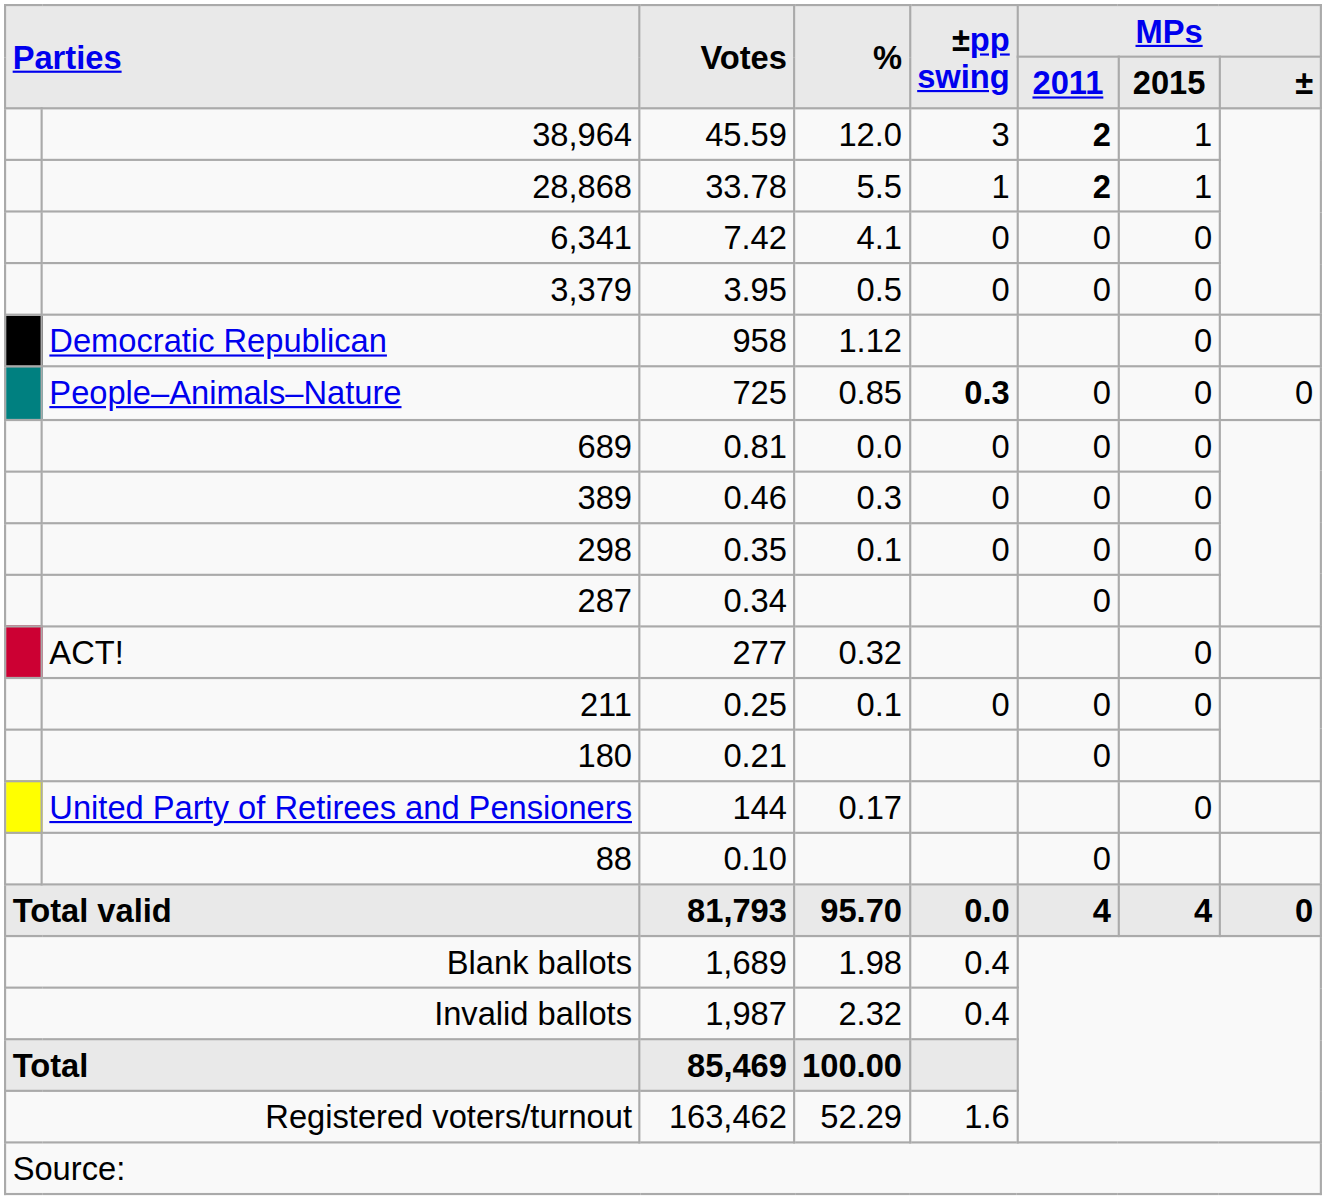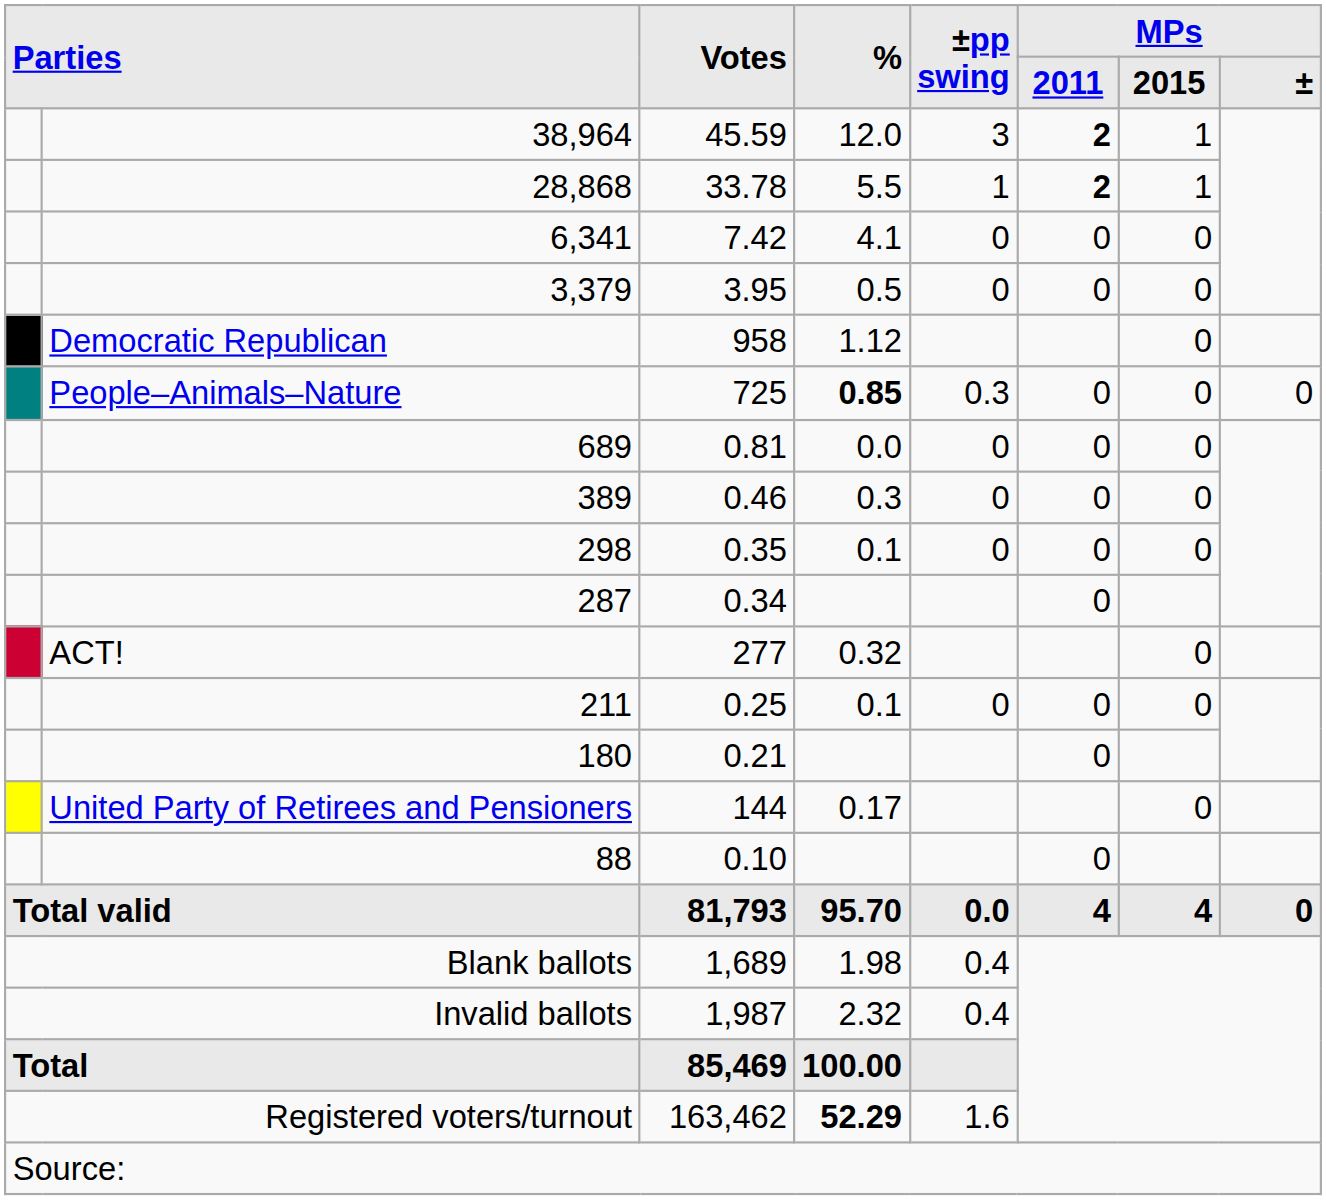 <table class="wikitable" style="text-align:right; font-size:95%;">
 <tr>
 <th rowspan="2" colspan="2" style="background:#e9e9e9; text-align:left;" alignleft><a href='#'>Parties</a></th>
 <th rowspan="2" style="background:#e9e9e9; text-align:right;">Votes</th>
 <th rowspan="2" style="background:#e9e9e9; text-align:right;">%</th>
 <th rowspan="2" style="background:#e9e9e9; text-align:right;">±<a href='#'>pp</a> <a href='#'>swing</a></th>
 <th colspan="3" style="background:#e9e9e9; text-align:center;"><a href='#'>MPs</a></th>
 </tr>
 <tr style="background-color:#E9E9E9">
 <th style="background-color:#E9E9E9;text-align:center;"><a href='#'>2011</a></th>
 <th style="background-color:#E9E9E9;text-align:center;">2015</th>
 <th style="background:#e9e9e9; text-align:right;">±</th>
 </tr>
 <tr>
 <td> </td>
 <td>38,964</td>
 <td>45.59</td>
 <td>12.0</td>
 <td>3</td>
 <td><strong>2</strong></td>
 <td>1</td>
 </tr>
 <tr>
 <td></td>
 <td>28,868</td>
 <td>33.78</td>
 <td>5.5</td>
 <td>1</td>
 <td><strong>2</strong></td>
 <td>1</td>
 </tr>
 <tr>
 <td></td>
 <td>6,341</td>
 <td>7.42</td>
 <td>4.1</td>
 <td>0</td>
 <td>0</td>
 <td>0</td>
 </tr>
 <tr>
 <td></td>
 <td>3,379</td>
 <td>3.95</td>
 <td>0.5</td>
 <td>0</td>
 <td>0</td>
 <td>0</td>
 </tr>
 <tr>
 <td style="width: 10px" bgcolor=black align="center"></td>
 <td align=left><a href='#'>Democratic Republican</a></td>
 <td>958</td>
 <td>1.12</td>
 <td></td>
 <td></td>
 <td>0</td>
 <td></td>
 </tr>
 <tr>
 <td style="width: 10px" bgcolor="teal" align="center"></td>
 <td align="left"><a href='#'>People–Animals–Nature</a></td>
 <td>725</td>
-<td>0.85</td>
-<td><strong>0.3</strong></td>
+<td><strong>0.85</strong></td>
+<td>0.3</td>
 <td>0</td>
 <td>0</td>
 <td>0</td>
 </tr>
 <tr>
 <td></td>
 <td>689</td>
 <td>0.81</td>
 <td>0.0</td>
 <td>0</td>
 <td>0</td>
 <td>0</td>
 </tr>
 <tr>
 <td></td>
 <td>389</td>
 <td>0.46</td>
 <td>0.3</td>
 <td>0</td>
 <td>0</td>
 <td>0</td>
 </tr>
 <tr>
 <td></td>
 <td>298</td>
 <td>0.35</td>
 <td>0.1</td>
 <td>0</td>
 <td>0</td>
 <td>0</td>
 </tr>
 <tr>
 <td></td>
 <td>287</td>
 <td>0.34</td>
 <td></td>
 <td></td>
 <td>0</td>
 <td></td>
 </tr>
 <tr>
 <td style="width:10px; background:#CC0033; text-align:center;"></td>
 <td style="text-align:left;">ACT! </td>
 <td>277</td>
 <td>0.32</td>
 <td></td>
 <td></td>
 <td>0</td>
 <td></td>
 </tr>
 <tr>
 <td></td>
 <td>211</td>
 <td>0.25</td>
 <td>0.1</td>
 <td>0</td>
 <td>0</td>
 <td>0</td>
 </tr>
 <tr>
 <td></td>
 <td>180</td>
 <td>0.21</td>
 <td></td>
 <td></td>
 <td>0</td>
 <td></td>
 </tr>
 <tr>
 <td style="width: 10px" bgcolor=yellow align="center"></td>
 <td align=left><a href='#'>United Party of Retirees and Pensioners</a></td>
 <td>144</td>
 <td>0.17</td>
 <td></td>
 <td></td>
 <td>0</td>
 <td></td>
 </tr>
 <tr>
 <td></td>
 <td>88</td>
 <td>0.10</td>
 <td></td>
 <td></td>
 <td>0</td>
 <td></td>
 </tr>
 <tr>
 <td colspan=2 align=left style="background-color:#E9E9E9"><strong>Total valid</strong></td>
 <td width="65" align="right" style="background-color:#E9E9E9"><strong>81,793</strong></td>
 <td width="40" align="right" style="background-color:#E9E9E9"><strong>95.70</strong></td>
 <td width="40" align="right" style="background-color:#E9E9E9"><strong>0.0</strong></td>
 <td width="40" align="right" style="background-color:#E9E9E9"><strong>4</strong></td>
 <td width="40" align="right" style="background-color:#E9E9E9"><strong>4</strong></td>
 <td width="40" align="right" style="background-color:#E9E9E9"><strong>0</strong></td>
 </tr>
 <tr>
 <td colspan=2>Blank ballots</td>
 <td>1,689</td>
 <td>1.98</td>
 <td>0.4</td>
 <td colspan=4 rowspan=4></td>
 </tr>
 <tr>
 <td colspan=2>Invalid ballots</td>
 <td>1,987</td>
 <td>2.32</td>
 <td>0.4</td>
 </tr>
 <tr>
 <td colspan=2 width="259" align=left style="background-color:#E9E9E9"><strong>Total</strong></td>
 <td width="50" align="right" style="background-color:#E9E9E9"><strong>85,469</strong></td>
 <td width="40" align="right" style="background-color:#E9E9E9"><strong>100.00</strong></td>
 <td width="40" align="right" style="background-color:#E9E9E9"></td>
 </tr>
 <tr>
 <td colspan=2>Registered voters/turnout</td>
 <td>163,462</td>
-<td>52.29</td>
+<td><strong>52.29</strong></td>
 <td>1.6</td>
 </tr>
 <tr>
 <td colspan=11 align=left>Source: </td>
 </tr>
 </table>
